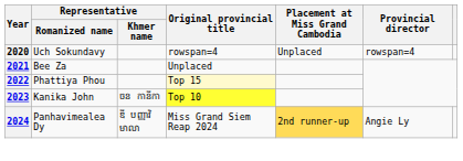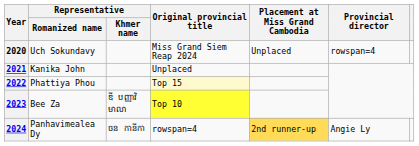 <table class="wikitable defaultcenter col2left col3left col6left" style="font-size:95%;">
 <tr>
 <th rowspan=2>Year</th>
 <th colspan=2>Representative</th>
 <th rowspan=2>Original provincial title</th>
 <th rowspan=2>Placement at<br>Miss Grand Cambodia</th>
 <th rowspan=2>Provincial director</th>
 <th rowspan=2></th>
 </tr>
 <tr>
 <th>Romanized name</th>
 <th>Khmer name</th>
 </tr>
 <tr>
 <th>2020</th>
 <td>Uch Sokundavy</td>
 <td></td>
-<td>rowspan=4 </td>
+<td>Miss Grand Siem Reap 2024</td>
 <td>Unplaced</td>
 <td>rowspan=4 </td>
 <td></td>
 </tr>
 <tr>
 <th><a href='#'>2021</a></th>
-<td>Bee Za</td>
+<td>Kanika John</td>
 <td></td>
 <td>Unplaced</td>
 <td></td>
 </tr>
 <tr>
 <th><a href='#'>2022</a></th>
 <td>Phattiya Phou</td>
 <td></td>
 <td bgcolor=#FFFACD>Top 15</td>
 <td></td>
 </tr>
 <tr>
 <th><a href='#'>2023</a></th>
-<td>Kanika John</td>
-<td>ចន កានីកា</td>
+<td>Bee Za</td>
+<td>ឌី បញ្ញាវិមាលា</td>
 <td bgcolor=#FFFF33>Top 10</td>
 <td></td>
 </tr>
 <tr>
 <th><a href='#'>2024</a></th>
 <td>Panhavimealea Dy</td>
-<td>ឌី បញ្ញាវិមាលា</td>
-<td>Miss Grand Siem Reap 2024</td>
+<td>ចន កានីកា</td>
+<td>rowspan=4 </td>
 <td bgcolor=#FFDB58>2nd runner-up</td>
 <td>Angie Ly</td>
 <td></td>
 </tr>
 </table>
